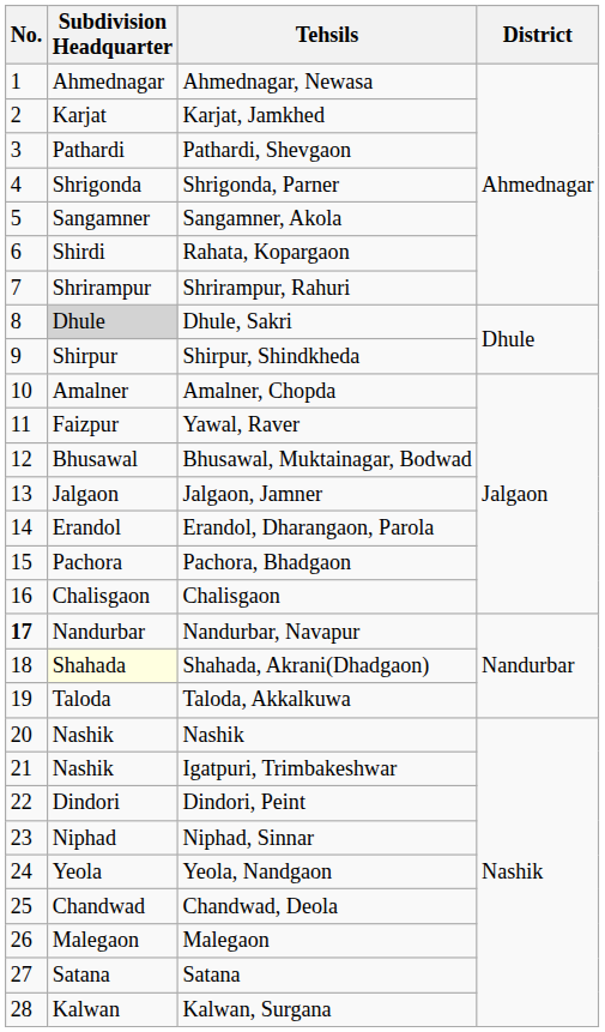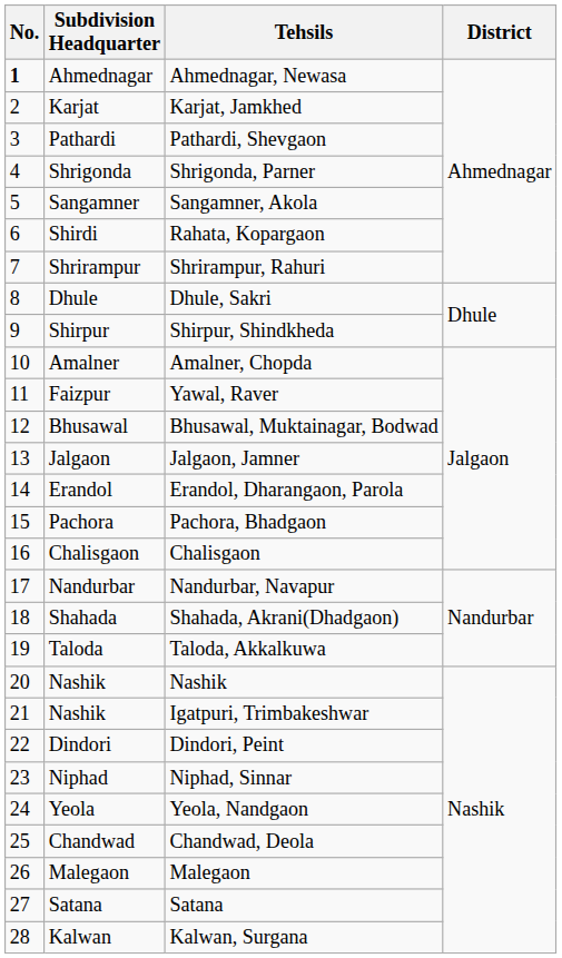 <table class="wikitable">
 <tr>
 <th>No.</th>
 <th>Subdivision<br>Headquarter</th>
 <th>Tehsils</th>
 <th>District</th>
 </tr>
 <tr>
-<td>1</td>
+<td><strong>1</strong></td>
 <td>Ahmednagar</td>
 <td>Ahmednagar, Newasa</td>
 <td rowspan="7">Ahmednagar</td>
 </tr>
 <tr>
 <td>2</td>
 <td>Karjat</td>
 <td>Karjat, Jamkhed</td>
 </tr>
 <tr>
 <td>3</td>
 <td>Pathardi</td>
 <td>Pathardi, Shevgaon</td>
 </tr>
 <tr>
 <td>4</td>
 <td>Shrigonda</td>
 <td>Shrigonda, Parner</td>
 </tr>
 <tr>
 <td>5</td>
 <td>Sangamner</td>
 <td>Sangamner, Akola</td>
 </tr>
 <tr>
 <td>6</td>
 <td>Shirdi</td>
 <td>Rahata, Kopargaon</td>
 </tr>
 <tr>
 <td>7</td>
 <td>Shrirampur</td>
 <td>Shrirampur, Rahuri</td>
 </tr>
 <tr>
 <td>8</td>
-<td style="background: lightgrey;">Dhule</td>
+<td>Dhule</td>
 <td>Dhule, Sakri</td>
 <td rowspan="2">Dhule</td>
 </tr>
 <tr>
 <td>9</td>
 <td>Shirpur</td>
 <td>Shirpur, Shindkheda</td>
 </tr>
 <tr>
 <td>10</td>
 <td>Amalner</td>
 <td>Amalner, Chopda</td>
 <td rowspan="7">Jalgaon</td>
 </tr>
 <tr>
 <td>11</td>
 <td>Faizpur</td>
 <td>Yawal, Raver</td>
 </tr>
 <tr>
 <td>12</td>
 <td>Bhusawal</td>
 <td>Bhusawal, Muktainagar, Bodwad</td>
 </tr>
 <tr>
 <td>13</td>
 <td>Jalgaon</td>
 <td>Jalgaon, Jamner</td>
 </tr>
 <tr>
 <td>14</td>
 <td>Erandol</td>
 <td>Erandol, Dharangaon, Parola</td>
 </tr>
 <tr>
 <td>15</td>
 <td>Pachora</td>
 <td>Pachora, Bhadgaon</td>
 </tr>
 <tr>
 <td>16</td>
 <td>Chalisgaon</td>
 <td>Chalisgaon</td>
 </tr>
 <tr>
-<td><strong>17</strong></td>
+<td>17</td>
 <td>Nandurbar</td>
 <td>Nandurbar, Navapur</td>
 <td rowspan="3">Nandurbar</td>
 </tr>
 <tr>
 <td>18</td>
-<td style="background: lightyellow;">Shahada</td>
+<td>Shahada</td>
 <td>Shahada, Akrani(Dhadgaon)</td>
 </tr>
 <tr>
 <td>19</td>
 <td>Taloda</td>
 <td>Taloda, Akkalkuwa</td>
 </tr>
 <tr>
 <td>20</td>
 <td>Nashik</td>
 <td>Nashik</td>
 <td rowspan="9">Nashik</td>
 </tr>
 <tr>
 <td>21</td>
 <td>Nashik</td>
 <td>Igatpuri, Trimbakeshwar</td>
 </tr>
 <tr>
 <td>22</td>
 <td>Dindori</td>
 <td>Dindori, Peint</td>
 </tr>
 <tr>
 <td>23</td>
 <td>Niphad</td>
 <td>Niphad, Sinnar</td>
 </tr>
 <tr>
 <td>24</td>
 <td>Yeola</td>
 <td>Yeola, Nandgaon</td>
 </tr>
 <tr>
 <td>25</td>
 <td>Chandwad</td>
 <td>Chandwad, Deola</td>
 </tr>
 <tr>
 <td>26</td>
 <td>Malegaon</td>
 <td>Malegaon</td>
 </tr>
 <tr>
 <td>27</td>
 <td>Satana</td>
 <td>Satana</td>
 </tr>
 <tr>
 <td>28</td>
 <td>Kalwan</td>
 <td>Kalwan, Surgana</td>
 </tr>
 </table>
